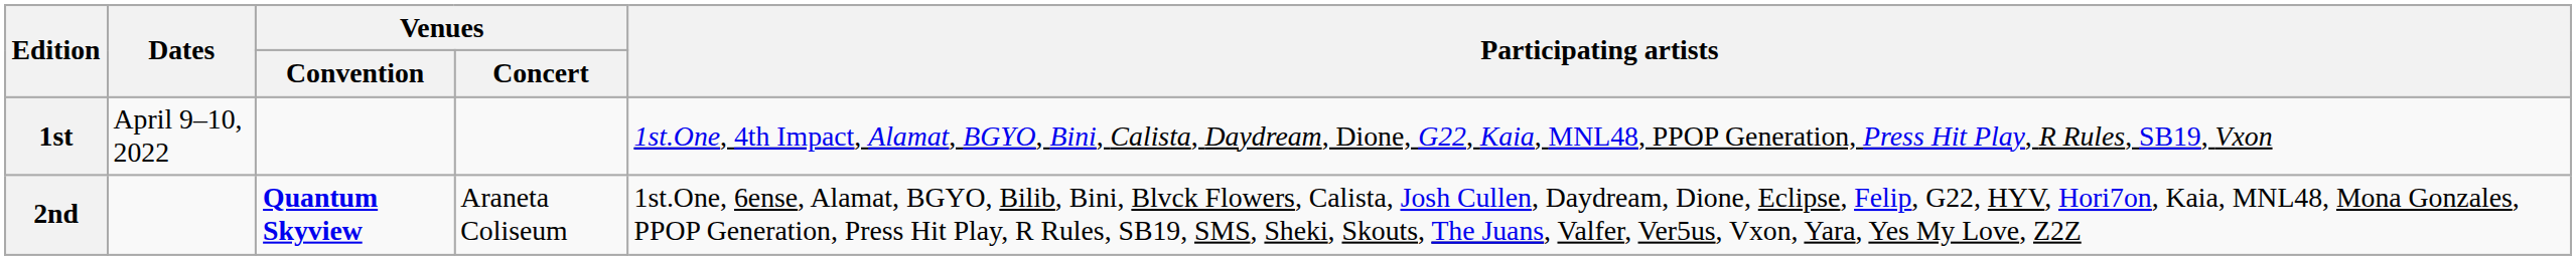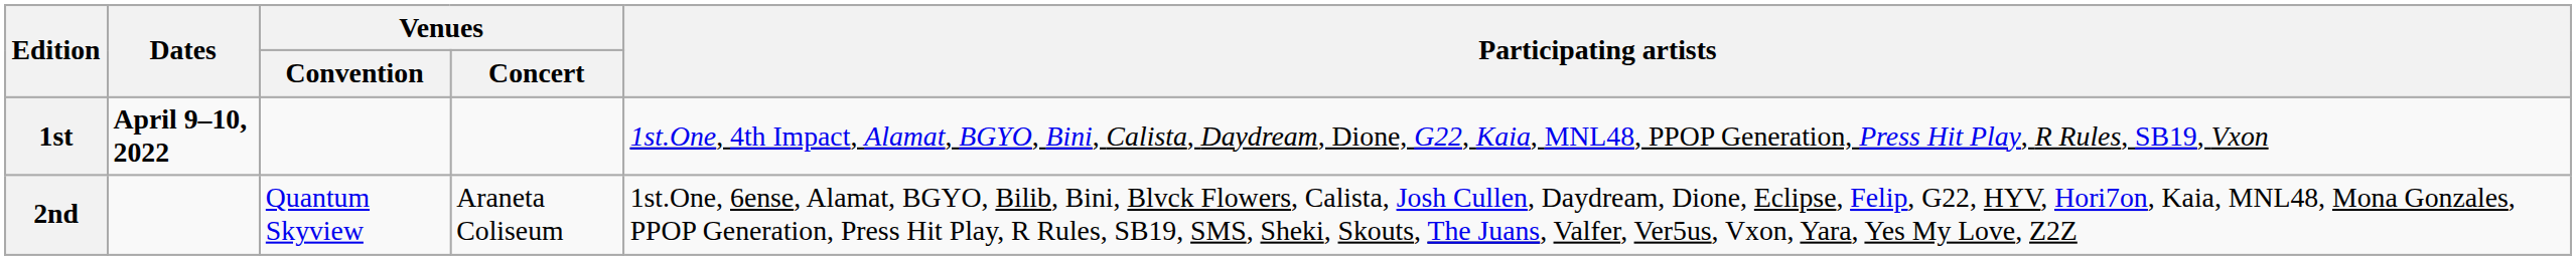 <table class="wikitable" style="font-size:85%;">
 <tr>
 <th rowspan=2>Edition</th>
 <th rowspan=2>Dates</th>
 <th colspan=2>Venues</th>
 <th rowspan=2>Participating artists</th>
 </tr>
 <tr>
 <th>Convention</th>
 <th>Concert</th>
 </tr>
 <tr>
 <th>1st</th>
-<td>April 9–10, 2022</td>
+<td><strong>April 9–10, 2022</strong></td>
 <td></td>
 <td></td>
 <td><u><em><a href='#'>1st.One</a></em>, <a href='#'>4th Impact</a>, <em><a href='#'>Alamat</a></em>, <em><a href='#'>BGYO</a></em>, <em><a href='#'>Bini</a></em>, <em>Calista</em>, <em>Daydream</em>, Dione, <em><a href='#'>G22</a></em>, <em><a href='#'>Kaia</a></em>, <a href='#'>MNL48</a>, PPOP Generation, <em><a href='#'>Press Hit Play</a></em>, <em>R Rules</em>, <a href='#'>SB19</a>, <em>Vxon</em></u></td>
 </tr>
 <tr>
 <th>2nd</th>
 <td></td>
-<td><strong><a href='#'>Quantum Skyview</a></strong></td>
+<td><a href='#'>Quantum Skyview</a></td>
 <td>Araneta Coliseum</td>
 <td>1st.One, <u>6ense</u>, Alamat, BGYO, <u>Bilib</u>, Bini, <u>Blvck Flowers</u>, Calista, <a href='#'><u>Josh Cullen</u></a>, Daydream, Dione, <u>Eclipse</u>, <a href='#'><u>Felip</u></a>, G22, <u>HYV</u>, <u><a href='#'>Hori7on</a></u>, Kaia, MNL48, <u>Mona Gonzales</u>, PPOP Generation, Press Hit Play, R Rules, SB19, <u>SMS</u>, <u>Sheki</u>, <u>Skouts</u>, <u><a href='#'>The Juans</a></u>, <u>Valfer</u>, <u>Ver5us</u>, Vxon, <u>Yara</u>, <u>Yes My Love</u>, <u>Z2Z</u></td>
 </tr>
 </table>
